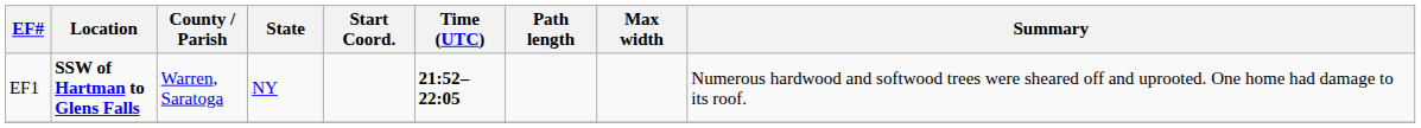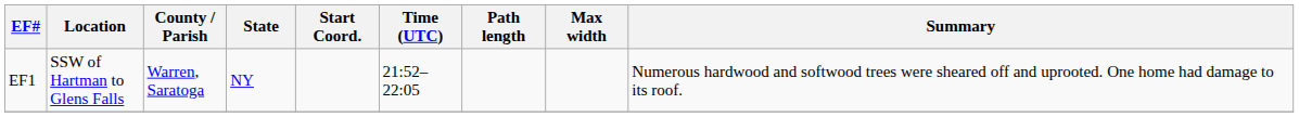 <table class="wikitable sortable" style="width:100%;">
 <tr>
 <th scope="col"  style="width:3%; text-align:center;"><a href='#'>EF#</a></th>
 <th scope="col"  style="width:7%; text-align:center;" class="unsortable">Location</th>
 <th scope="col"  style="width:6%; text-align:center;" class="unsortable">County / Parish</th>
 <th scope="col"  style="width:5%; text-align:center;">State</th>
 <th scope="col"  style="width:6%; text-align:center;">Start Coord.</th>
 <th scope="col"  style="width:6%; text-align:center;">Time (<a href='#'>UTC</a>)</th>
 <th scope="col"  style="width:6%; text-align:center;">Path length</th>
 <th scope="col"  style="width:6%; text-align:center;">Max width</th>
 <th scope="col" class="unsortable" style="width:48%; text-align:center;">Summary</th>
 </tr>
 <tr>
 <td>EF1</td>
-<td><strong>SSW of <a href='#'>Hartman</a> to <a href='#'>Glens Falls</a></strong></td>
+<td>SSW of <a href='#'>Hartman</a> to <a href='#'>Glens Falls</a></td>
 <td><a href='#'>Warren</a>, <a href='#'>Saratoga</a></td>
 <td><a href='#'>NY</a></td>
 <td></td>
-<td><strong>21:52–22:05</strong></td>
+<td>21:52–22:05</td>
 <td></td>
 <td></td>
 <td>Numerous hardwood and softwood trees were sheared off and uprooted. One home had damage to its roof.</td>
 </tr>
 <tr>
 </tr>
 </table>
